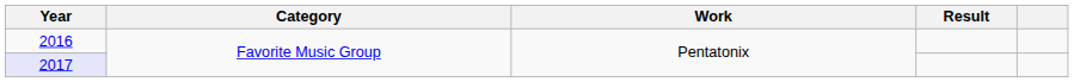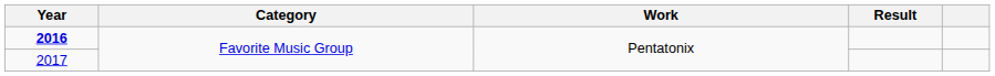 <table class="wikitable">
 <tr>
 <th style="width:5%;">Year</th>
 <th style="width:20%;">Category</th>
 <th style="width:20%;">Work</th>
 <th style="width:5%;">Result</th>
 <th style="width:2.5%;"></th>
 </tr>
 <tr>
-<td style="text-align:center;"><a href='#'>2016</a></td>
+<td style="text-align:center;"><strong><a href='#'>2016</a></strong></td>
 <td rowspan="2" style="text-align:center;"><a href='#'>Favorite Music Group</a></td>
 <td rowspan="2" style="text-align:center;">Pentatonix</td>
 <td></td>
 <td style="text-align:center;"></td>
 </tr>
 <tr>
-<td style="background: lavender; text-align:center;"><a href='#'>2017</a></td>
+<td style="text-align:center;"><a href='#'>2017</a></td>
 <td></td>
 <td style="text-align:center;"></td>
 </tr>
 </table>
